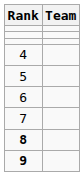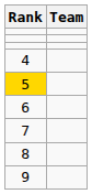 <table class=wikitable style="text-align:center;">
 <tr>
 <th>Rank</th>
 <th>Team</th>
 </tr>
 <tr>
 <td></td>
 <td align=left></td>
 </tr>
 <tr>
 <td></td>
 <td align=left></td>
 </tr>
 <tr>
 <td></td>
 <td align=left></td>
 </tr>
 <tr>
 <td>4</td>
 <td align=left></td>
 </tr>
 <tr>
-<td>5</td>
+<td style="background: gold;">5</td>
 <td align=left></td>
 </tr>
 <tr>
 <td>6</td>
 <td align=left></td>
 </tr>
 <tr>
 <td>7</td>
 <td align=left></td>
 </tr>
 <tr>
-<td><strong>8</strong></td>
+<td>8</td>
 <td align=left></td>
 </tr>
 <tr>
-<td><strong>9</strong></td>
+<td>9</td>
 <td align=left></td>
 </tr>
 </table>
